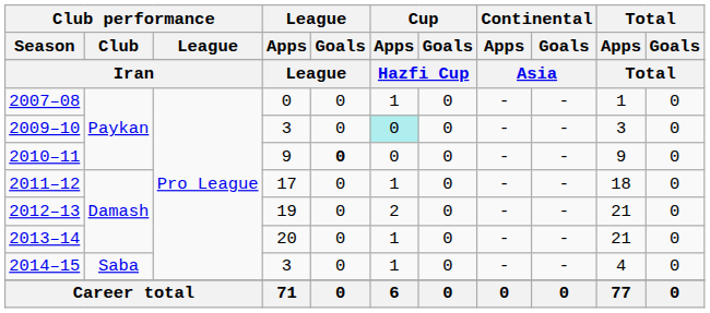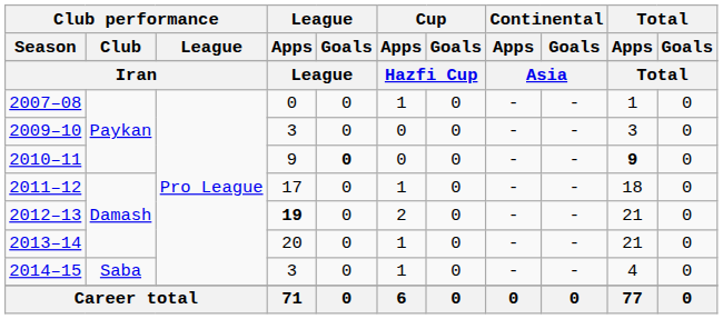 <table class="wikitable" style="text-align:center">
 <tr>
 <th colspan=3>Club performance</th>
 <th colspan=2>League</th>
 <th colspan=2>Cup</th>
 <th colspan=2>Continental</th>
 <th colspan=2>Total</th>
 </tr>
 <tr>
 <th>Season</th>
 <th>Club</th>
 <th>League</th>
 <th>Apps</th>
 <th>Goals</th>
 <th>Apps</th>
 <th>Goals</th>
 <th>Apps</th>
 <th>Goals</th>
 <th>Apps</th>
 <th>Goals</th>
 </tr>
 <tr>
 </tr>
 <tr>
 <th colspan=3>Iran</th>
 <th colspan=2>League</th>
 <th colspan=2><a href='#'>Hazfi Cup</a></th>
 <th colspan=2><a href='#'>Asia</a></th>
 <th colspan=2>Total</th>
 </tr>
 <tr>
 <td><a href='#'>2007–08</a></td>
 <td rowspan=3><a href='#'>Paykan</a></td>
 <td rowspan=7><a href='#'>Pro League</a></td>
 <td>0</td>
 <td>0</td>
 <td>1</td>
 <td>0</td>
 <td>-</td>
 <td>-</td>
 <td>1</td>
 <td>0</td>
 </tr>
 <tr>
 <td><a href='#'>2009–10</a></td>
 <td>3</td>
 <td>0</td>
-<td style="background: paleturquoise;">0</td>
+<td>0</td>
 <td>0</td>
 <td>-</td>
 <td>-</td>
 <td>3</td>
 <td>0</td>
 </tr>
 <tr>
 <td><a href='#'>2010–11</a></td>
 <td>9</td>
 <td><strong>0</strong></td>
 <td>0</td>
 <td>0</td>
 <td>-</td>
 <td>-</td>
-<td>9</td>
+<td><strong>9</strong></td>
 <td>0</td>
 </tr>
 <tr>
 <td><a href='#'>2011–12</a></td>
 <td rowspan=3><a href='#'>Damash</a></td>
 <td>17</td>
 <td>0</td>
 <td>1</td>
 <td>0</td>
 <td>-</td>
 <td>-</td>
 <td>18</td>
 <td>0</td>
 </tr>
 <tr>
 <td><a href='#'>2012–13</a></td>
-<td>19</td>
+<td><strong>19</strong></td>
 <td>0</td>
 <td>2</td>
 <td>0</td>
 <td>-</td>
 <td>-</td>
 <td>21</td>
 <td>0</td>
 </tr>
 <tr>
 <td><a href='#'>2013–14</a></td>
 <td>20</td>
 <td>0</td>
 <td>1</td>
 <td>0</td>
 <td>-</td>
 <td>-</td>
 <td>21</td>
 <td>0</td>
 </tr>
 <tr>
 <td><a href='#'>2014–15</a></td>
 <td><a href='#'>Saba</a></td>
 <td>3</td>
 <td>0</td>
 <td>1</td>
 <td>0</td>
 <td>-</td>
 <td>-</td>
 <td>4</td>
 <td>0</td>
 </tr>
 <tr>
 </tr>
 <tr>
 <th colspan=3>Career total</th>
 <th>71</th>
 <th>0</th>
 <th>6</th>
 <th>0</th>
 <th>0</th>
 <th>0</th>
 <th>77</th>
 <th>0</th>
 </tr>
 </table>
